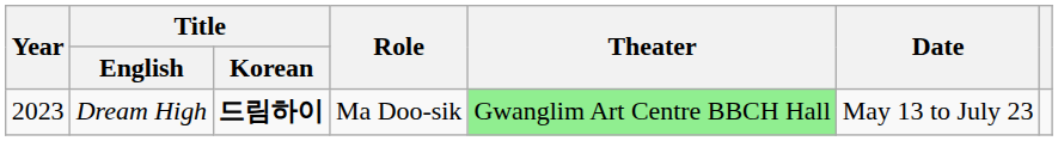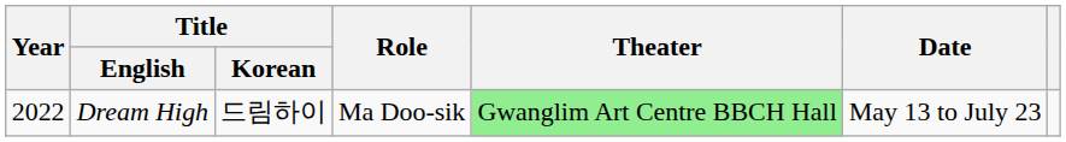 <table class="wikitable plainrowheaders sortable" style="text-align:left; font-size:100%">
 <tr>
 <th rowspan="2" scope="col">Year</th>
 <th colspan="2" scope="col">Title</th>
 <th rowspan="2" scope="col">Role</th>
 <th rowspan="2" scope="col">Theater</th>
 <th rowspan="2" scope="col">Date</th>
 <th rowspan="2" scope="col" class="unsortable"></th>
 </tr>
 <tr>
 <th>English</th>
 <th>Korean</th>
 </tr>
 <tr>
-<td>2023</td>
+<td>2022</td>
 <td><em>Dream High</em></td>
-<td><strong>드림하이</strong></td>
+<td>드림하이</td>
 <td>Ma Doo-sik</td>
 <td style="background: lightgreen;">Gwanglim Art Centre BBCH Hall</td>
 <td>May 13 to July 23</td>
 <td></td>
 </tr>
 </table>
